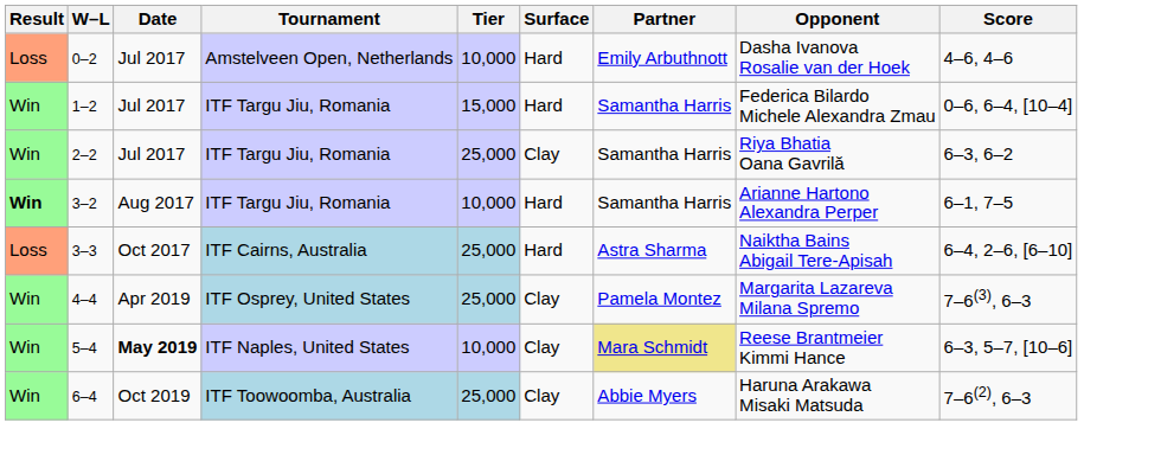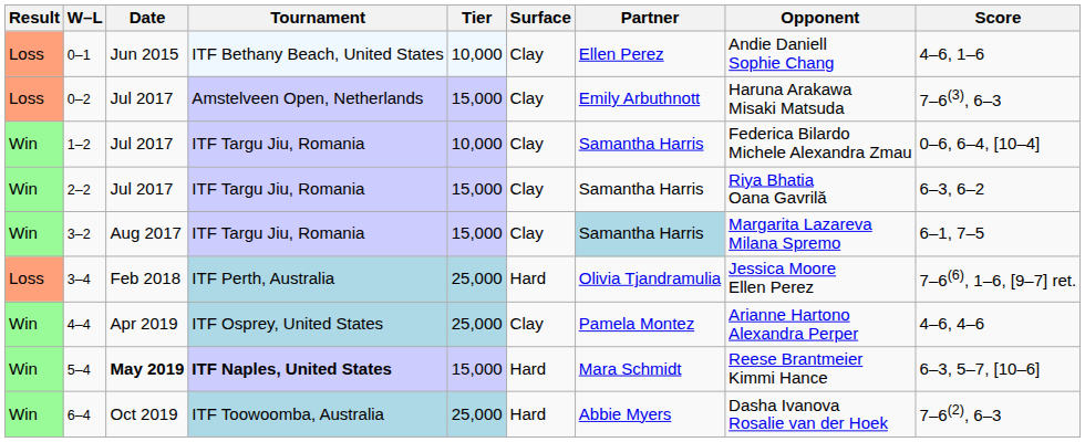 <table class="sortable wikitable">
 <tr>
 <th>Result</th>
 <th class="unsortable">W–L</th>
 <th>Date</th>
 <th>Tournament</th>
 <th>Tier</th>
 <th>Surface</th>
 <th>Partner</th>
 <th>Opponent</th>
 <th class="unsortable">Score</th>
 </tr>
 <tr>
 <td style="background:#ffa07a;">Loss</td>
+<td><small>0–1</small></td>
+<td>Jun 2015</td>
+<td style="background:#f0f8ff;">ITF Bethany Beach, United States</td>
+<td style="background:#f0f8ff;">10,000</td>
+<td>Clay</td>
+<td> <a href='#'>Ellen Perez</a></td>
+<td> Andie Daniell <br>  <a href='#'>Sophie Chang</a></td>
+<td>4–6, 1–6</td>
+</tr>
+<tr>
+<td style="background:#ffa07a;">Loss</td>
 <td><small>0–2</small></td>
 <td>Jul 2017</td>
 <td style="background:#ccf;">Amstelveen Open, Netherlands</td>
-<td style="background:#ccf;">10,000</td>
-<td>Hard</td>
+<td style="background:#ccf;">15,000</td>
+<td>Clay</td>
 <td> <a href='#'>Emily Arbuthnott</a></td>
-<td> Dasha Ivanova <br>  <a href='#'>Rosalie van der Hoek</a></td>
-<td>4–6, 4–6</td>
+<td> Haruna Arakawa <br>  Misaki Matsuda</td>
+<td>7–6<sup>(3)</sup>, 6–3</td>
 </tr>
 <tr>
 <td style="background:#98fb98;">Win</td>
 <td><small>1–2</small></td>
 <td>Jul 2017</td>
 <td style="background:#ccf;">ITF Targu Jiu, Romania</td>
-<td style="background:#ccf;">15,000</td>
-<td>Hard</td>
+<td style="background:#ccf;">10,000</td>
+<td>Clay</td>
 <td> <a href='#'>Samantha Harris</a></td>
 <td> Federica Bilardo <br>  Michele Alexandra Zmau</td>
 <td>0–6, 6–4, [10–4]</td>
 </tr>
 <tr>
 <td style="background:#98fb98;">Win</td>
 <td><small>2–2</small></td>
 <td>Jul 2017</td>
 <td style="background:#ccf;">ITF Targu Jiu, Romania</td>
-<td style="background:#ccf;">25,000</td>
+<td style="background:#ccf;">15,000</td>
 <td>Clay</td>
 <td> Samantha Harris</td>
 <td> <a href='#'>Riya Bhatia</a> <br>  Oana Gavrilă</td>
 <td>6–3, 6–2</td>
 </tr>
 <tr>
-<td style="background:#98fb98;"><strong>Win</strong></td>
+<td style="background:#98fb98;">Win</td>
 <td><small>3–2</small></td>
 <td>Aug 2017</td>
 <td style="background:#ccf;">ITF Targu Jiu, Romania</td>
-<td style="background:#ccf;">10,000</td>
-<td>Hard</td>
-<td> Samantha Harris</td>
-<td> <a href='#'>Arianne Hartono</a> <br>  <a href='#'>Alexandra Perper</a></td>
+<td style="background:#ccf;">15,000</td>
+<td>Clay</td>
+<td style="background: lightblue;"> Samantha Harris</td>
+<td> <a href='#'>Margarita Lazareva</a> <br>  <a href='#'>Milana Spremo</a></td>
 <td>6–1, 7–5</td>
 </tr>
 <tr>
 <td style="background:#ffa07a;">Loss</td>
-<td><small>3–3</small></td>
-<td>Oct 2017</td>
-<td style="background:lightblue;">ITF Cairns, Australia</td>
+<td><small>3–4</small></td>
+<td>Feb 2018</td>
+<td style="background:lightblue;">ITF Perth, Australia</td>
 <td style="background:lightblue;">25,000</td>
 <td>Hard</td>
-<td> <a href='#'>Astra Sharma</a></td>
-<td> <a href='#'>Naiktha Bains</a> <br>  <a href='#'>Abigail Tere-Apisah</a></td>
-<td>6–4, 2–6, [6–10]</td>
+<td> <a href='#'>Olivia Tjandramulia</a></td>
+<td> <a href='#'>Jessica Moore</a> <br>  Ellen Perez</td>
+<td>7–6<sup>(6)</sup>, 1–6, [9–7] ret.</td>
 </tr>
 <tr>
 <td style="background:#98fb98;">Win</td>
 <td><small>4–4</small></td>
 <td>Apr 2019</td>
 <td style="background:lightblue;">ITF Osprey, United States</td>
 <td style="background:lightblue;">25,000</td>
 <td>Clay</td>
 <td> <a href='#'>Pamela Montez</a></td>
-<td> <a href='#'>Margarita Lazareva</a> <br>  <a href='#'>Milana Spremo</a></td>
-<td>7–6<sup>(3)</sup>, 6–3</td>
+<td> <a href='#'>Arianne Hartono</a> <br>  <a href='#'>Alexandra Perper</a></td>
+<td>4–6, 4–6</td>
 </tr>
 <tr>
 <td style="background:#98fb98;">Win</td>
 <td><small>5–4</small></td>
 <td><strong>May 2019</strong></td>
-<td style="background:#ccf;">ITF Naples, United States</td>
-<td style="background:#ccf;">10,000</td>
-<td>Clay</td>
-<td style="background: khaki;"> <a href='#'>Mara Schmidt</a></td>
+<td style="background:#ccf;"><strong>ITF Naples, United States</strong></td>
+<td style="background:#ccf;">15,000</td>
+<td>Hard</td>
+<td> <a href='#'>Mara Schmidt</a></td>
 <td> <a href='#'>Reese Brantmeier</a> <br>  Kimmi Hance</td>
 <td>6–3, 5–7, [10–6]</td>
 </tr>
 <tr>
 <td style="background:#98fb98;">Win</td>
 <td><small>6–4</small></td>
 <td>Oct 2019</td>
 <td style="background:lightblue;">ITF Toowoomba, Australia</td>
 <td style="background:lightblue;">25,000</td>
-<td>Clay</td>
+<td>Hard</td>
 <td> <a href='#'>Abbie Myers</a></td>
-<td> Haruna Arakawa <br>  Misaki Matsuda</td>
+<td> Dasha Ivanova <br>  <a href='#'>Rosalie van der Hoek</a></td>
 <td>7–6<sup>(2)</sup>, 6–3</td>
 </tr>
 </table>
